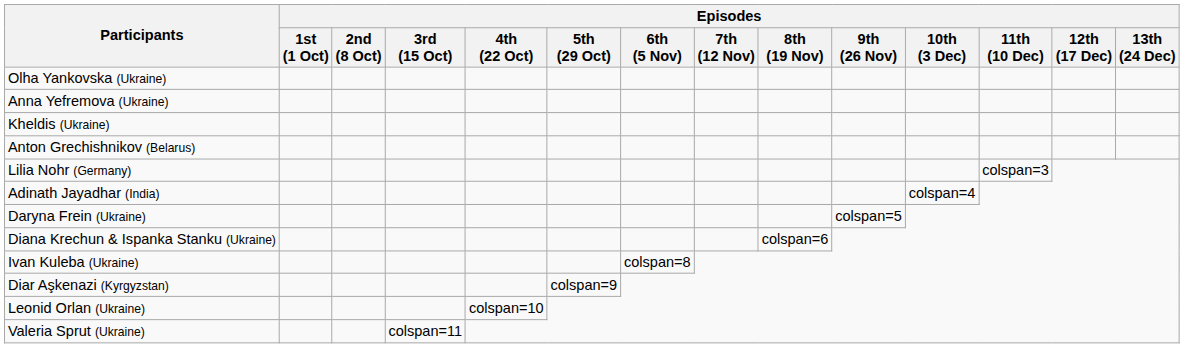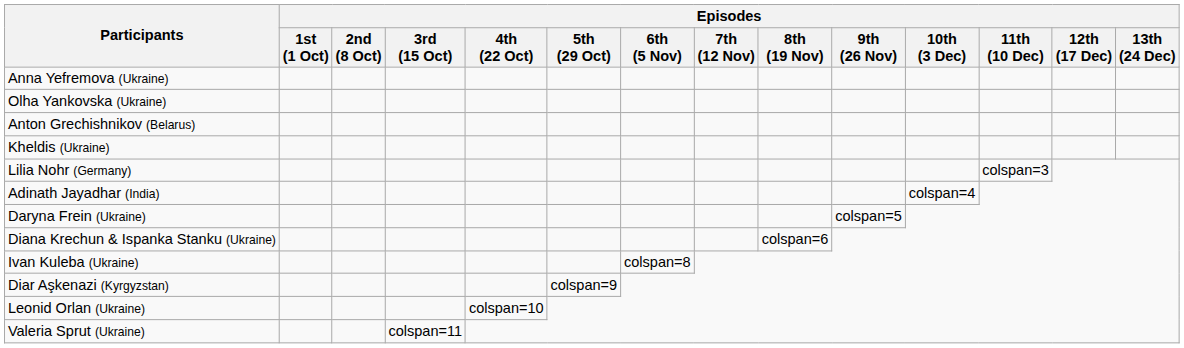 <table class="wikitable" style="font-size:90%;">
 <tr>
 <th rowspan=2>Participants</th>
 <th colspan=13>Episodes</th>
 </tr>
 <tr>
 <th>1st<br>(1 Oct)</th>
 <th>2nd<br>(8 Oct)</th>
 <th>3rd<br>(15 Oct)</th>
 <th>4th<br>(22 Oct)</th>
 <th>5th<br>(29 Oct)</th>
 <th>6th<br>(5 Nov)</th>
 <th>7th<br>(12 Nov)</th>
 <th>8th<br>(19 Nov)</th>
 <th>9th<br>(26 Nov)</th>
 <th>10th<br>(3 Dec)</th>
 <th>11th<br>(10 Dec)</th>
 <th>12th<br>(17 Dec)</th>
 <th>13th<br>(24 Dec)</th>
 </tr>
 <tr>
+<td>Anna Yefremova <small>(Ukraine)</small></td>
+<td></td>
+<td></td>
+<td></td>
+<td></td>
+<td></td>
+<td></td>
+<td></td>
+<td></td>
+<td></td>
+<td></td>
+<td></td>
+<td></td>
+<td></td>
+</tr>
+<tr>
 <td>Olha Yankovska <small>(Ukraine)</small></td>
 <td></td>
 <td></td>
 <td></td>
 <td></td>
 <td></td>
 <td></td>
 <td></td>
 <td></td>
 <td></td>
 <td></td>
 <td></td>
 <td></td>
 <td></td>
 </tr>
 <tr>
-<td>Anna Yefremova <small>(Ukraine)</small></td>
+<td>Anton Grechishnikov <small>(Belarus)</small></td>
 <td></td>
 <td></td>
 <td></td>
 <td></td>
 <td></td>
 <td></td>
 <td></td>
 <td></td>
 <td></td>
 <td></td>
 <td></td>
 <td></td>
 <td></td>
 </tr>
 <tr>
 <td>Kheldis <small>(Ukraine)</small></td>
-<td></td>
-<td></td>
-<td></td>
-<td></td>
-<td></td>
-<td></td>
-<td></td>
-<td></td>
-<td></td>
-<td></td>
-<td></td>
-<td></td>
-<td></td>
-</tr>
-<tr>
-<td>Anton Grechishnikov <small>(Belarus)</small></td>
 <td></td>
 <td></td>
 <td></td>
 <td></td>
 <td></td>
 <td></td>
 <td></td>
 <td></td>
 <td></td>
 <td></td>
 <td></td>
 <td></td>
 <td></td>
 </tr>
 <tr>
 <td>Lilia Nohr <small>(Germany)</small></td>
 <td></td>
 <td></td>
 <td></td>
 <td></td>
 <td></td>
 <td></td>
 <td></td>
 <td></td>
 <td></td>
 <td></td>
 <td>colspan=3 </td>
 </tr>
 <tr>
 <td>Adinath Jayadhar <small>(India)</small></td>
 <td></td>
 <td></td>
 <td></td>
 <td></td>
 <td></td>
 <td></td>
 <td></td>
 <td></td>
 <td></td>
 <td>colspan=4 </td>
 </tr>
 <tr>
 <td>Daryna Frein <small>(Ukraine)</small></td>
 <td></td>
 <td></td>
 <td></td>
 <td></td>
 <td></td>
 <td></td>
 <td></td>
 <td></td>
 <td>colspan=5 </td>
 </tr>
 <tr>
 <td>Diana Krechun & Ispanka Stanku <small>(Ukraine)</small></td>
 <td></td>
 <td></td>
 <td></td>
 <td></td>
 <td></td>
 <td></td>
 <td></td>
 <td>colspan=6 </td>
 </tr>
 <tr>
 <td>Ivan Kuleba <small>(Ukraine)</small></td>
 <td></td>
 <td></td>
 <td></td>
 <td></td>
 <td></td>
 <td>colspan=8 </td>
 </tr>
 <tr>
 <td>Diar Aşkenazi <small>(Kyrgyzstan)</small></td>
 <td></td>
 <td></td>
 <td></td>
 <td></td>
 <td>colspan=9 </td>
 </tr>
 <tr>
 <td>Leonid Orlan <small>(Ukraine)</small></td>
 <td></td>
 <td></td>
 <td></td>
 <td>colspan=10 </td>
 </tr>
 <tr>
 <td>Valeria Sprut <small>(Ukraine)</small></td>
 <td></td>
 <td></td>
 <td>colspan=11 </td>
 </tr>
 </table>
